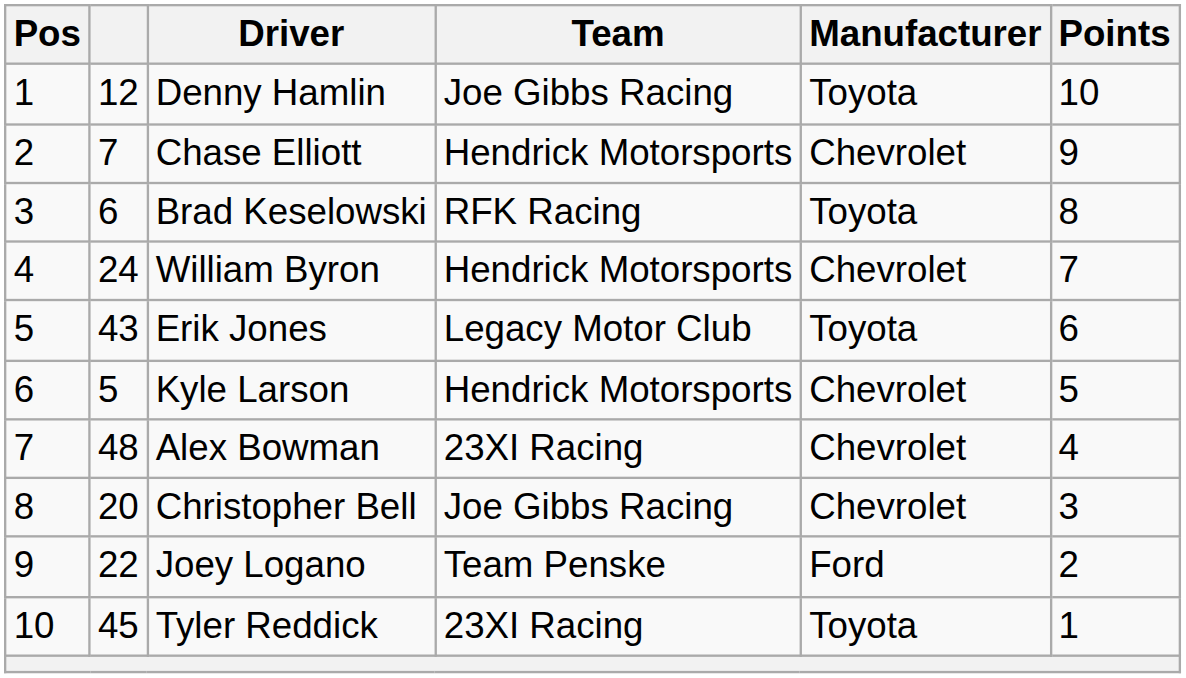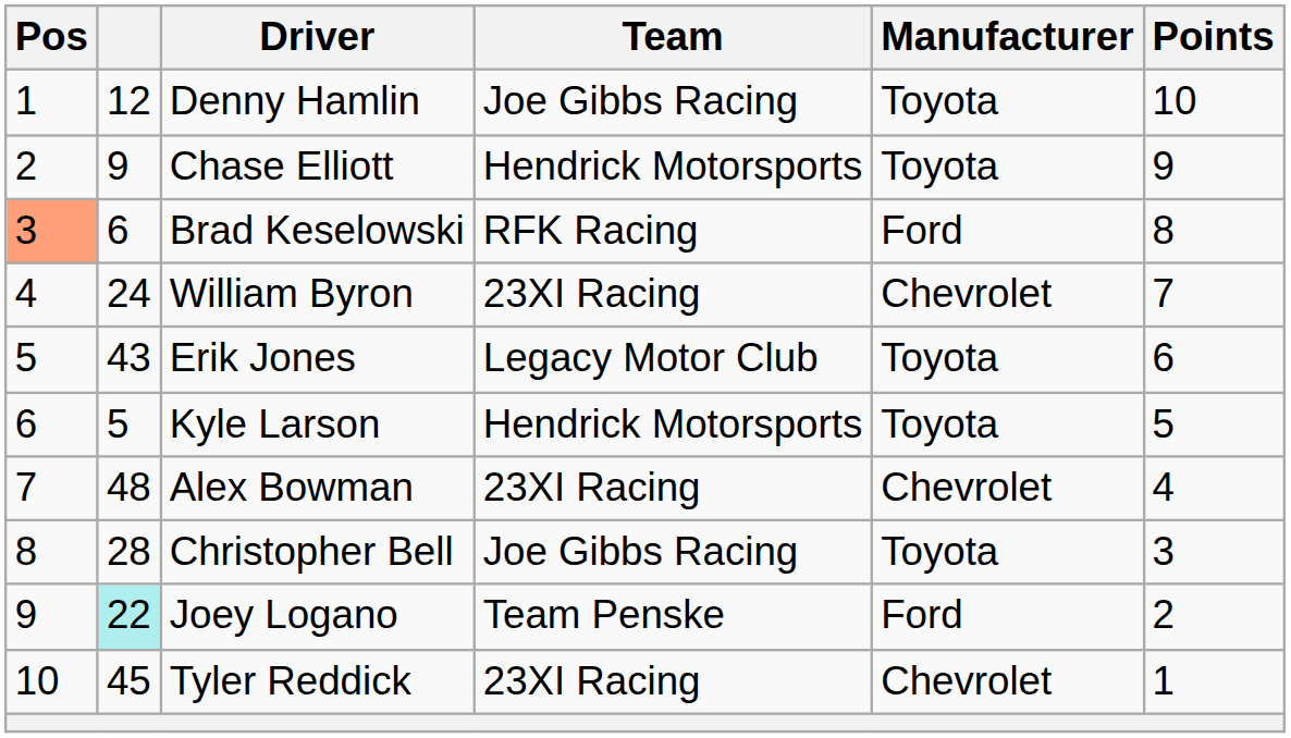 <table class="wikitable" style="font-size:98%">
 <tr>
 <th>Pos</th>
 <th></th>
 <th>Driver</th>
 <th>Team</th>
 <th>Manufacturer</th>
 <th>Points</th>
 </tr>
 <tr>
 <td>1</td>
 <td>12</td>
 <td>Denny Hamlin</td>
 <td>Joe Gibbs Racing</td>
 <td>Toyota</td>
 <td>10</td>
 </tr>
 <tr>
 <td>2</td>
-<td>7</td>
+<td>9</td>
 <td>Chase Elliott</td>
 <td>Hendrick Motorsports</td>
-<td>Chevrolet</td>
+<td>Toyota</td>
 <td>9</td>
 </tr>
 <tr>
-<td>3</td>
+<td style="background: lightsalmon;">3</td>
 <td>6</td>
 <td>Brad Keselowski</td>
 <td>RFK Racing</td>
-<td>Toyota</td>
+<td>Ford</td>
 <td>8</td>
 </tr>
 <tr>
 <td>4</td>
 <td>24</td>
 <td>William Byron</td>
-<td>Hendrick Motorsports</td>
+<td>23XI Racing</td>
 <td>Chevrolet</td>
 <td>7</td>
 </tr>
 <tr>
 <td>5</td>
 <td>43</td>
 <td>Erik Jones</td>
 <td>Legacy Motor Club</td>
 <td>Toyota</td>
 <td>6</td>
 </tr>
 <tr>
 <td>6</td>
 <td>5</td>
 <td>Kyle Larson</td>
 <td>Hendrick Motorsports</td>
-<td>Chevrolet</td>
+<td>Toyota</td>
 <td>5</td>
 </tr>
 <tr>
 <td>7</td>
 <td>48</td>
 <td>Alex Bowman</td>
 <td>23XI Racing</td>
 <td>Chevrolet</td>
 <td>4</td>
 </tr>
 <tr>
 <td>8</td>
-<td>20</td>
+<td>28</td>
 <td>Christopher Bell</td>
 <td>Joe Gibbs Racing</td>
-<td>Chevrolet</td>
+<td>Toyota</td>
 <td>3</td>
 </tr>
 <tr>
 <td>9</td>
-<td>22</td>
+<td style="background: paleturquoise;">22</td>
 <td>Joey Logano</td>
 <td>Team Penske</td>
 <td>Ford</td>
 <td>2</td>
 </tr>
 <tr>
 <td>10</td>
 <td>45</td>
 <td>Tyler Reddick</td>
 <td>23XI Racing</td>
-<td>Toyota</td>
+<td>Chevrolet</td>
 <td>1</td>
 </tr>
 <tr>
 <th colspan="6"></th>
 </tr>
 </table>
